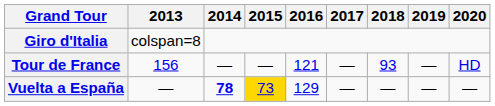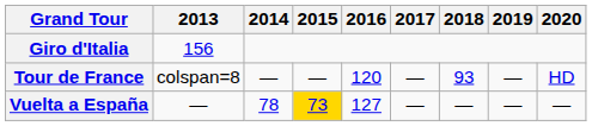 <table class="wikitable plainrowheaders">
 <tr>
 <th scope="col"><a href='#'>Grand Tour</a></th>
 <th scope="col">2013</th>
 <th scope="col">2014</th>
 <th scope="col">2015</th>
 <th scope="col">2016</th>
 <th scope="col">2017</th>
 <th scope="col">2018</th>
 <th scope="col">2019</th>
 <th scope="col">2020</th>
 </tr>
 <tr style="text-align:center;">
 <th scope="row"> <a href='#'>Giro d'Italia</a></th>
-<td>colspan=8 </td>
+<td><a href='#'>156</a></td>
 </tr>
 <tr style="text-align:center;">
 <th scope="row"> <a href='#'>Tour de France</a></th>
-<td><a href='#'>156</a></td>
+<td>colspan=8 </td>
 <td>—</td>
 <td>—</td>
-<td><a href='#'>121</a></td>
+<td><a href='#'>120</a></td>
 <td>—</td>
 <td><a href='#'>93</a></td>
 <td>—</td>
 <td><a href='#'>HD</a></td>
 </tr>
 <tr style="text-align:center;">
 <th scope="row"> <a href='#'>Vuelta a España</a></th>
 <td>—</td>
-<td><strong><a href='#'>78</a></strong></td>
+<td><a href='#'>78</a></td>
 <td style="background: gold;"><a href='#'>73</a></td>
-<td><a href='#'>129</a></td>
+<td><a href='#'>127</a></td>
 <td>—</td>
 <td>—</td>
 <td>—</td>
 <td>—</td>
 </tr>
 </table>
